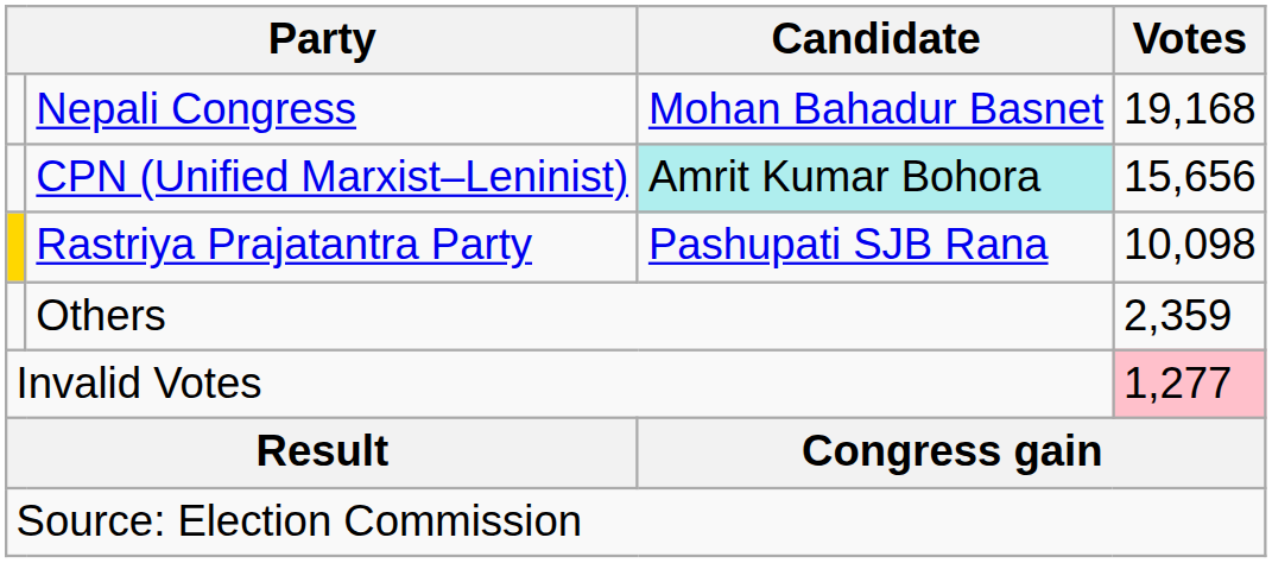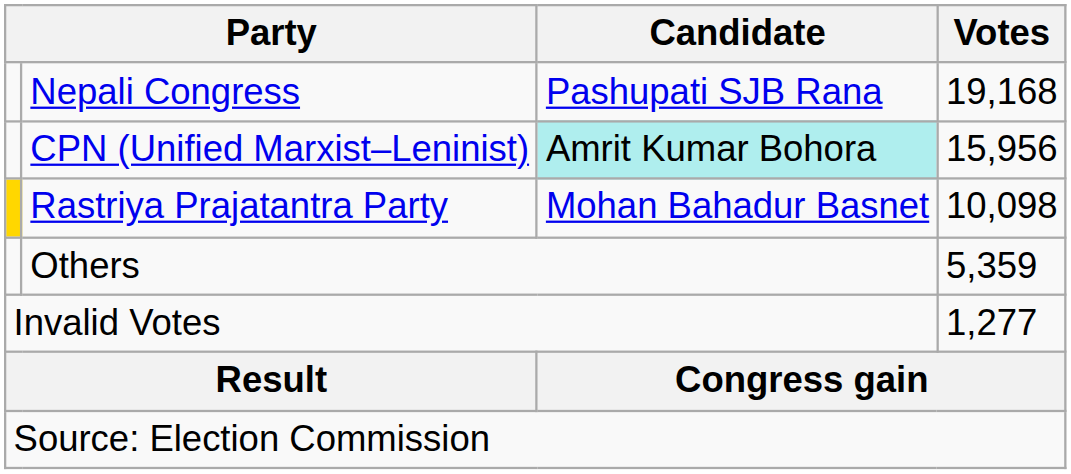 <table class="wikitable">
 <tr>
 <th colspan="2">Party</th>
 <th>Candidate</th>
 <th>Votes</th>
 </tr>
 <tr>
 <td style="background-color:"></td>
 <td><a href='#'>Nepali Congress</a></td>
-<td><a href='#'>Mohan Bahadur Basnet</a></td>
+<td><a href='#'>Pashupati SJB Rana</a></td>
 <td>19,168</td>
 </tr>
 <tr>
 <td style="background-color:"></td>
 <td><a href='#'>CPN (Unified Marxist–Leninist)</a></td>
 <td style="background: paleturquoise;">Amrit Kumar Bohora</td>
-<td>15,656</td>
+<td>15,956</td>
 </tr>
 <tr>
 <td style="background-color:gold"></td>
 <td><a href='#'>Rastriya Prajatantra Party</a></td>
-<td><a href='#'>Pashupati SJB Rana</a></td>
+<td><a href='#'>Mohan Bahadur Basnet</a></td>
 <td>10,098</td>
 </tr>
 <tr>
 <td></td>
 <td colspan="2">Others</td>
-<td>2,359</td>
+<td>5,359</td>
 </tr>
 <tr>
 <td colspan="3">Invalid Votes</td>
-<td style="background: pink;">1,277</td>
+<td>1,277</td>
 </tr>
 <tr>
 <th colspan="2">Result</th>
 <th colspan="2">Congress gain</th>
 </tr>
 <tr>
 <td colspan="4">Source: Election Commission</td>
 </tr>
 </table>
